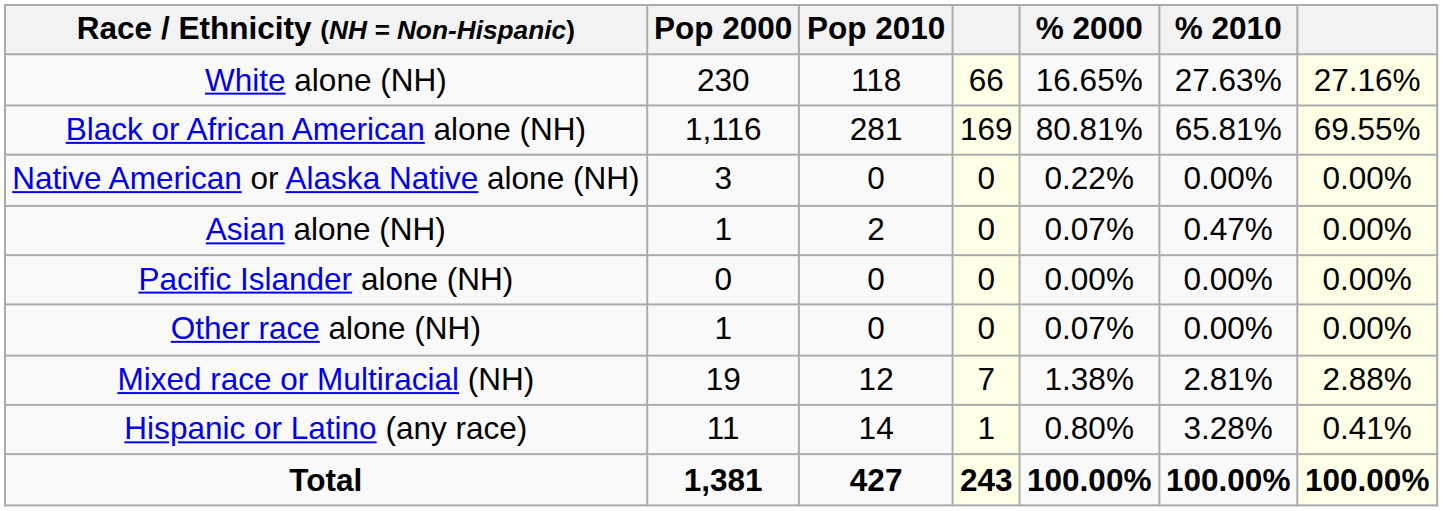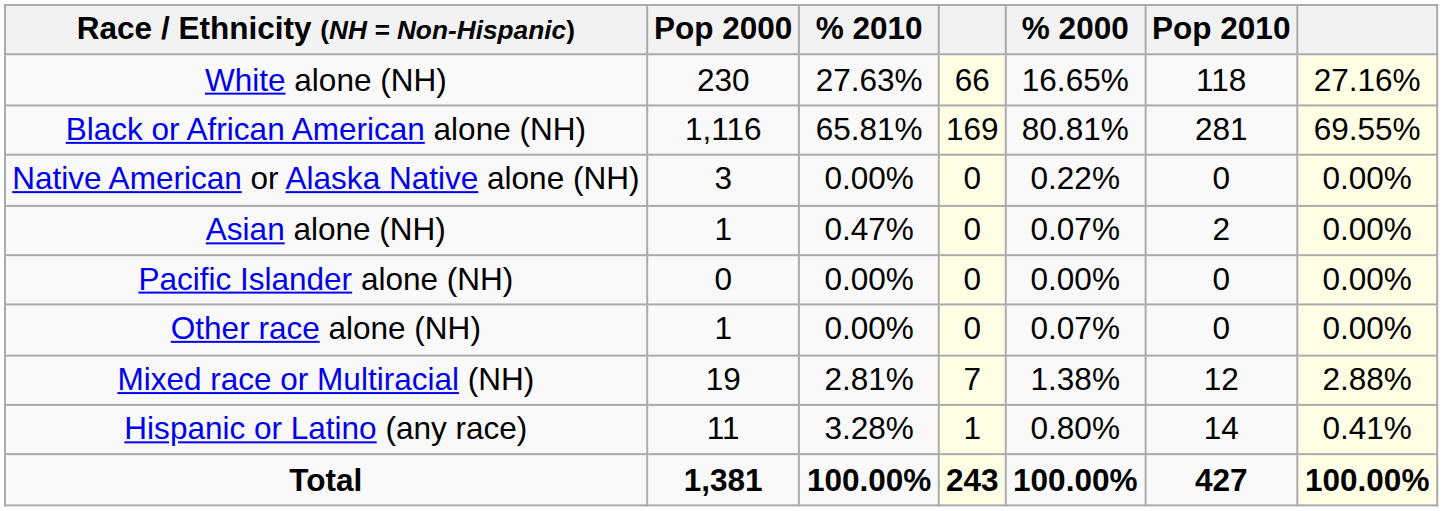 <table class="wikitable" style="text-align:center;">
 <tr>
 <th>Race / Ethnicity <small>(<em>NH = Non-Hispanic</em>)</small></th>
 <th>Pop 2000</th>
-<th>Pop 2010</th>
+<th>% 2010</th>
 <th></th>
 <th>% 2000</th>
-<th>% 2010</th>
+<th>Pop 2010</th>
 <th></th>
 </tr>
 <tr>
 <td><a href='#'>White</a> alone (NH)</td>
 <td>230</td>
-<td>118</td>
+<td>27.63%</td>
 <td style='background: #ffffe6;'>66</td>
 <td>16.65%</td>
-<td>27.63%</td>
+<td>118</td>
 <td style='background: #ffffe6;'>27.16%</td>
 </tr>
 <tr>
 <td><a href='#'>Black or African American</a> alone (NH)</td>
 <td>1,116</td>
-<td>281</td>
+<td>65.81%</td>
 <td style='background: #ffffe6;'>169</td>
 <td>80.81%</td>
-<td>65.81%</td>
+<td>281</td>
 <td style='background: #ffffe6;'>69.55%</td>
 </tr>
 <tr>
 <td><a href='#'>Native American</a> or <a href='#'>Alaska Native</a> alone (NH)</td>
 <td>3</td>
-<td>0</td>
+<td>0.00%</td>
 <td style='background: #ffffe6;'>0</td>
 <td>0.22%</td>
-<td>0.00%</td>
+<td>0</td>
 <td style='background: #ffffe6;'>0.00%</td>
 </tr>
 <tr>
 <td><a href='#'>Asian</a> alone (NH)</td>
 <td>1</td>
-<td>2</td>
+<td>0.47%</td>
 <td style='background: #ffffe6;'>0</td>
 <td>0.07%</td>
-<td>0.47%</td>
+<td>2</td>
 <td style='background: #ffffe6;'>0.00%</td>
 </tr>
 <tr>
 <td><a href='#'>Pacific Islander</a> alone (NH)</td>
 <td>0</td>
-<td>0</td>
+<td>0.00%</td>
 <td style='background: #ffffe6;'>0</td>
 <td>0.00%</td>
-<td>0.00%</td>
+<td>0</td>
 <td style='background: #ffffe6;'>0.00%</td>
 </tr>
 <tr>
 <td><a href='#'>Other race</a> alone (NH)</td>
 <td>1</td>
-<td>0</td>
+<td>0.00%</td>
 <td style='background: #ffffe6;'>0</td>
 <td>0.07%</td>
-<td>0.00%</td>
+<td>0</td>
 <td style='background: #ffffe6;'>0.00%</td>
 </tr>
 <tr>
 <td><a href='#'>Mixed race or Multiracial</a> (NH)</td>
 <td>19</td>
-<td>12</td>
+<td>2.81%</td>
 <td style='background: #ffffe6;'>7</td>
 <td>1.38%</td>
-<td>2.81%</td>
+<td>12</td>
 <td style='background: #ffffe6;'>2.88%</td>
 </tr>
 <tr>
 <td><a href='#'>Hispanic or Latino</a> (any race)</td>
 <td>11</td>
-<td>14</td>
+<td>3.28%</td>
 <td style='background: #ffffe6;'>1</td>
 <td>0.80%</td>
-<td>3.28%</td>
+<td>14</td>
 <td style='background: #ffffe6;'>0.41%</td>
 </tr>
 <tr>
 <td><strong>Total</strong></td>
 <td><strong>1,381</strong></td>
-<td><strong>427</strong></td>
+<td><strong>100.00%</strong></td>
 <td style='background: #ffffe6;'><strong>243</strong></td>
 <td><strong>100.00%</strong></td>
-<td><strong>100.00%</strong></td>
+<td><strong>427</strong></td>
 <td style='background: #ffffe6;'><strong>100.00%</strong></td>
 </tr>
 </table>
